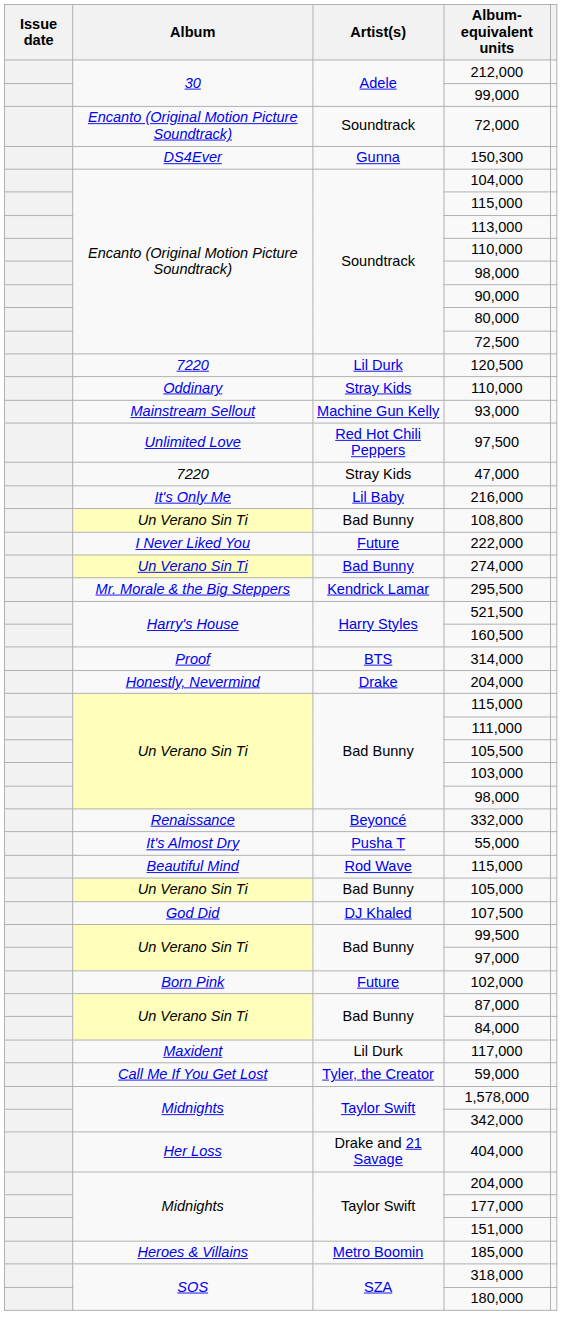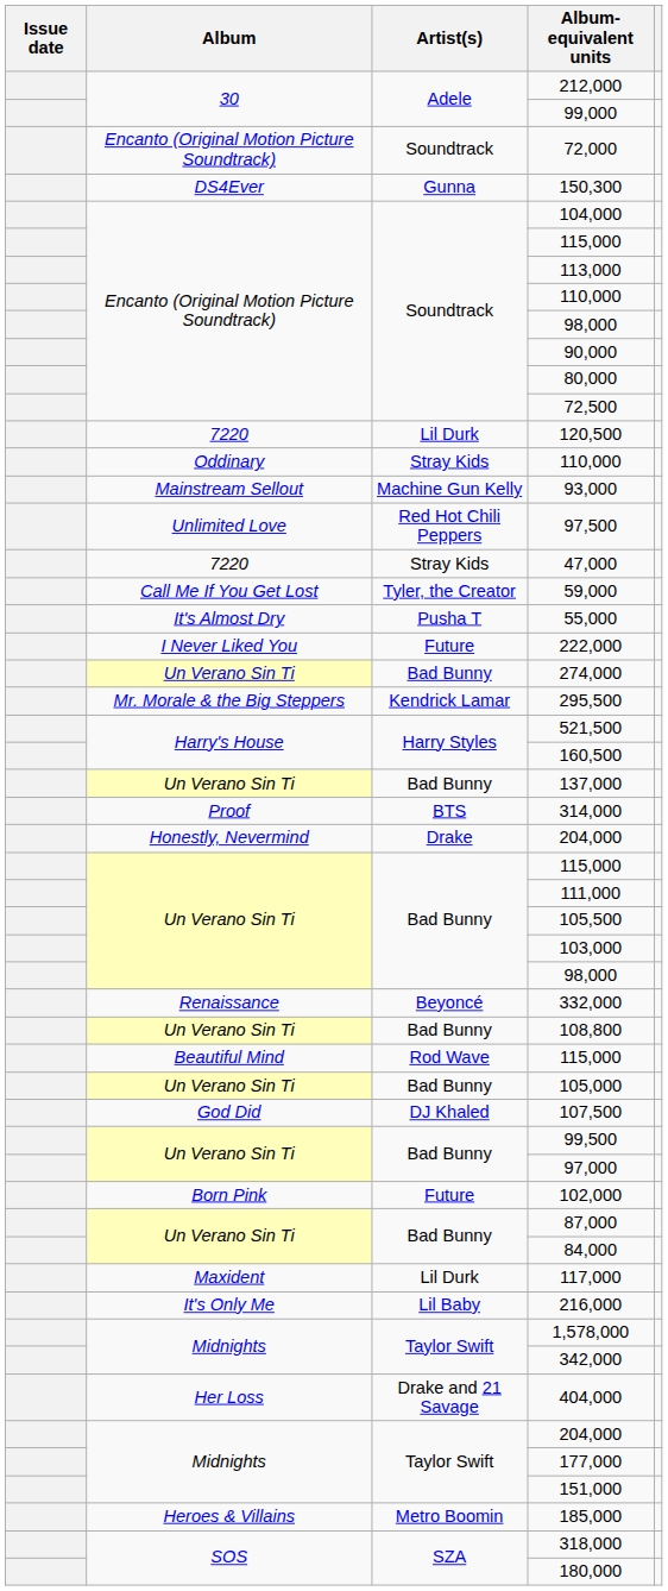 <table class="wikitable sortable plainrowheaders" style="text-align: center">
 <tr>
 <th scope=col>Issue date</th>
 <th scope=col>Album</th>
 <th scope=col>Artist(s)</th>
 <th scope=col>Album-<br>equivalent units</th>
 <th scope=col class="unsortable"></th>
 </tr>
 <tr>
 <th scope="row"></th>
 <td rowspan="2"><em><a href='#'>30</a></em></td>
 <td rowspan="2"><a href='#'>Adele</a></td>
 <td>212,000</td>
 <td></td>
 </tr>
 <tr>
 <th scope="row"></th>
 <td>99,000</td>
 <td></td>
 </tr>
 <tr>
 <th scope="row"></th>
 <td><em><a href='#'>Encanto (Original Motion Picture Soundtrack)</a></em></td>
 <td>Soundtrack</td>
 <td>72,000</td>
 <td></td>
 </tr>
 <tr>
 <th scope="row"></th>
 <td><em><a href='#'>DS4Ever</a></em></td>
 <td><a href='#'>Gunna</a></td>
 <td>150,300</td>
 <td></td>
 </tr>
 <tr>
 <th scope="row"></th>
 <td rowspan="8"><em>Encanto (Original Motion Picture Soundtrack)</em></td>
 <td rowspan="8">Soundtrack</td>
 <td>104,000</td>
 <td></td>
 </tr>
 <tr>
 <th scope="row"></th>
 <td>115,000</td>
 <td></td>
 </tr>
 <tr>
 <th scope="row"></th>
 <td>113,000</td>
 <td></td>
 </tr>
 <tr>
 <th scope="row"></th>
 <td>110,000</td>
 <td></td>
 </tr>
 <tr>
 <th scope="row"></th>
 <td>98,000</td>
 <td></td>
 </tr>
 <tr>
 <th scope="row"></th>
 <td>90,000</td>
 <td></td>
 </tr>
 <tr>
 <th scope="row"></th>
 <td>80,000</td>
 <td></td>
 </tr>
 <tr>
 <th scope="row"></th>
 <td>72,500</td>
 <td></td>
 </tr>
 <tr>
 <th scope="row"></th>
 <td><em><a href='#'>7220</a></em></td>
 <td><a href='#'>Lil Durk</a></td>
 <td>120,500</td>
 <td></td>
 </tr>
 <tr>
 <th scope="row"></th>
 <td><em><a href='#'>Oddinary</a></em></td>
 <td><a href='#'>Stray Kids</a></td>
 <td>110,000</td>
 <td></td>
 </tr>
 <tr>
 <th scope="row"></th>
 <td><em><a href='#'>Mainstream Sellout</a></em></td>
 <td><a href='#'>Machine Gun Kelly</a></td>
 <td>93,000</td>
 <td></td>
 </tr>
 <tr>
 <th scope="row"></th>
 <td><em><a href='#'>Unlimited Love</a></em></td>
 <td><a href='#'>Red Hot Chili Peppers</a></td>
 <td>97,500</td>
 <td></td>
 </tr>
 <tr>
 <th scope="row"></th>
 <td><em>7220</em></td>
 <td>Stray Kids</td>
 <td>47,000</td>
 <td></td>
 </tr>
 <tr>
 <th scope="row"></th>
-<td><em><a href='#'>It's Only Me</a></em></td>
-<td><a href='#'>Lil Baby</a></td>
-<td>216,000</td>
+<td><em><a href='#'>Call Me If You Get Lost</a></em></td>
+<td><a href='#'>Tyler, the Creator</a></td>
+<td>59,000</td>
 <td></td>
 </tr>
 <tr>
 <th scope="row"></th>
-<td style="background-color:#FFFFBB"><em>Un Verano Sin Ti</em> </td>
-<td>Bad Bunny</td>
-<td>108,800</td>
+<td><em><a href='#'>It's Almost Dry</a></em></td>
+<td><a href='#'>Pusha T</a></td>
+<td>55,000</td>
 <td></td>
 </tr>
 <tr>
 <th scope="row"></th>
 <td><em><a href='#'>I Never Liked You</a></em></td>
 <td><a href='#'>Future</a></td>
 <td>222,000</td>
 <td></td>
 </tr>
 <tr>
 <th scope="row"></th>
 <td style="background-color:#FFFFBB"><em><a href='#'>Un Verano Sin Ti</a></em> </td>
 <td><a href='#'>Bad Bunny</a></td>
 <td>274,000</td>
 <td></td>
 </tr>
 <tr>
 <th scope="row"></th>
 <td><em><a href='#'>Mr. Morale & the Big Steppers</a></em></td>
 <td><a href='#'>Kendrick Lamar</a></td>
 <td>295,500</td>
 <td></td>
 </tr>
 <tr>
 <th scope="row"></th>
 <td rowspan="2"><em><a href='#'>Harry's House</a></em></td>
 <td rowspan="2"><a href='#'>Harry Styles</a></td>
 <td>521,500</td>
 <td></td>
 </tr>
 <tr>
 <th scope="row"></th>
 <td>160,500</td>
+<td></td>
+</tr>
+<tr>
+<th scope="row"></th>
+<td style="background-color:#FFFFBB"><em>Un Verano Sin Ti</em> </td>
+<td>Bad Bunny</td>
+<td>137,000</td>
 <td></td>
 </tr>
 <tr>
 <th scope="row"></th>
 <td><em><a href='#'>Proof</a></em></td>
 <td><a href='#'>BTS</a></td>
 <td>314,000</td>
 <td></td>
 </tr>
 <tr>
 <th scope="row"></th>
 <td><em><a href='#'>Honestly, Nevermind</a></em></td>
 <td><a href='#'>Drake</a></td>
 <td>204,000</td>
 <td></td>
 </tr>
 <tr>
 <th scope="row"></th>
 <td rowspan="5" style="background-color:#FFFFBB"><em>Un Verano Sin Ti</em> </td>
 <td rowspan="5">Bad Bunny</td>
 <td>115,000</td>
 <td></td>
 </tr>
 <tr>
 <th scope="row"></th>
 <td>111,000</td>
 <td></td>
 </tr>
 <tr>
 <th scope="row"></th>
 <td>105,500</td>
 <td></td>
 </tr>
 <tr>
 <th scope="row"></th>
 <td>103,000</td>
 <td></td>
 </tr>
 <tr>
 <th scope="row"></th>
 <td>98,000</td>
 <td></td>
 </tr>
 <tr>
 <th scope="row"></th>
 <td><em><a href='#'>Renaissance</a></em></td>
 <td><a href='#'>Beyoncé</a></td>
 <td>332,000</td>
 <td></td>
 </tr>
 <tr>
 <th scope="row"></th>
-<td><em><a href='#'>It's Almost Dry</a></em></td>
-<td><a href='#'>Pusha T</a></td>
-<td>55,000</td>
+<td style="background-color:#FFFFBB"><em>Un Verano Sin Ti</em> </td>
+<td>Bad Bunny</td>
+<td>108,800</td>
 <td></td>
 </tr>
 <tr>
 <th scope="row"></th>
 <td><em><a href='#'>Beautiful Mind</a></em></td>
 <td><a href='#'>Rod Wave</a></td>
 <td>115,000</td>
 <td></td>
 </tr>
 <tr>
 <th scope="row"></th>
 <td style="background-color:#FFFFBB"><em>Un Verano Sin Ti</em> </td>
 <td>Bad Bunny</td>
 <td>105,000</td>
 <td></td>
 </tr>
 <tr>
 <th scope="row"></th>
 <td><em><a href='#'>God Did</a></em></td>
 <td><a href='#'>DJ Khaled</a></td>
 <td>107,500</td>
 <td></td>
 </tr>
 <tr>
 <th scope="row"></th>
 <td rowspan="2" style="background-color:#FFFFBB"><em>Un Verano Sin Ti</em> </td>
 <td rowspan="2">Bad Bunny</td>
 <td>99,500</td>
 <td></td>
 </tr>
 <tr>
 <th scope="row"></th>
 <td>97,000</td>
 <td></td>
 </tr>
 <tr>
 <th scope="row"></th>
 <td><em><a href='#'>Born Pink</a></em></td>
 <td><a href='#'>Future</a></td>
 <td>102,000</td>
 <td></td>
 </tr>
 <tr>
 <th scope="row"></th>
 <td rowspan="2" style="background-color:#FFFFBB"><em>Un Verano Sin Ti</em> </td>
 <td rowspan="2">Bad Bunny</td>
 <td>87,000</td>
 <td></td>
 </tr>
 <tr>
 <th scope="row"></th>
 <td>84,000</td>
 <td></td>
 </tr>
 <tr>
 <th scope="row"></th>
 <td><em><a href='#'>Maxident</a></em></td>
 <td>Lil Durk</td>
 <td>117,000</td>
 <td></td>
 </tr>
 <tr>
 <th scope="row"></th>
-<td><em><a href='#'>Call Me If You Get Lost</a></em></td>
-<td><a href='#'>Tyler, the Creator</a></td>
-<td>59,000</td>
+<td><em><a href='#'>It's Only Me</a></em></td>
+<td><a href='#'>Lil Baby</a></td>
+<td>216,000</td>
 <td></td>
 </tr>
 <tr>
 <th scope="row"></th>
 <td rowspan="2"><em><a href='#'>Midnights</a></em></td>
 <td rowspan="2"><a href='#'>Taylor Swift</a></td>
 <td>1,578,000</td>
 <td></td>
 </tr>
 <tr>
 <th scope="row"></th>
 <td>342,000</td>
 <td></td>
 </tr>
 <tr>
 <th scope="row"></th>
 <td><em><a href='#'>Her Loss</a></em></td>
 <td>Drake and <a href='#'>21 Savage</a></td>
 <td>404,000</td>
 <td></td>
 </tr>
 <tr>
 <th scope="row"></th>
 <td rowspan="3"><em>Midnights</em></td>
 <td rowspan="3">Taylor Swift</td>
 <td>204,000</td>
 <td></td>
 </tr>
 <tr>
 <th scope="row"></th>
 <td>177,000</td>
 <td></td>
 </tr>
 <tr>
 <th scope="row"></th>
 <td>151,000</td>
 <td></td>
 </tr>
 <tr>
 <th scope="row"></th>
 <td><em><a href='#'>Heroes & Villains</a></em></td>
 <td><a href='#'>Metro Boomin</a></td>
 <td>185,000</td>
 <td></td>
 </tr>
 <tr>
 <th scope="row"></th>
 <td rowspan="2"><em><a href='#'>SOS</a></em></td>
 <td rowspan="2"><a href='#'>SZA</a></td>
 <td>318,000</td>
 <td></td>
 </tr>
 <tr>
 <th scope="row"></th>
 <td>180,000</td>
 <td></td>
 </tr>
 </table>
